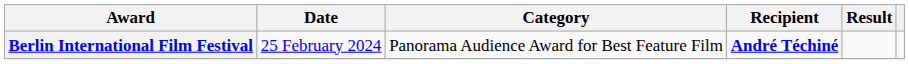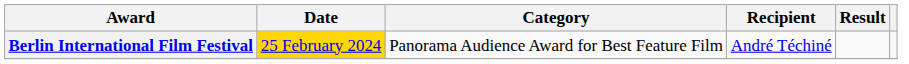 <table class="wikitable sortable plainrowheaders">
 <tr>
 <th>Award</th>
 <th>Date</th>
 <th>Category</th>
 <th>Recipient</th>
 <th>Result</th>
 <th></th>
 </tr>
 <tr>
 <th scope="row"><a href='#'>Berlin International Film Festival</a></th>
-<td><a href='#'>25 February 2024</a></td>
+<td style="background: gold;"><a href='#'>25 February 2024</a></td>
 <td>Panorama Audience Award for Best Feature Film</td>
-<td><strong><a href='#'>André Téchiné</a></strong></td>
+<td><a href='#'>André Téchiné</a></td>
 <td></td>
 <td align="center" rowspan="1"></td>
 </tr>
 <tr>
 </tr>
 </table>
